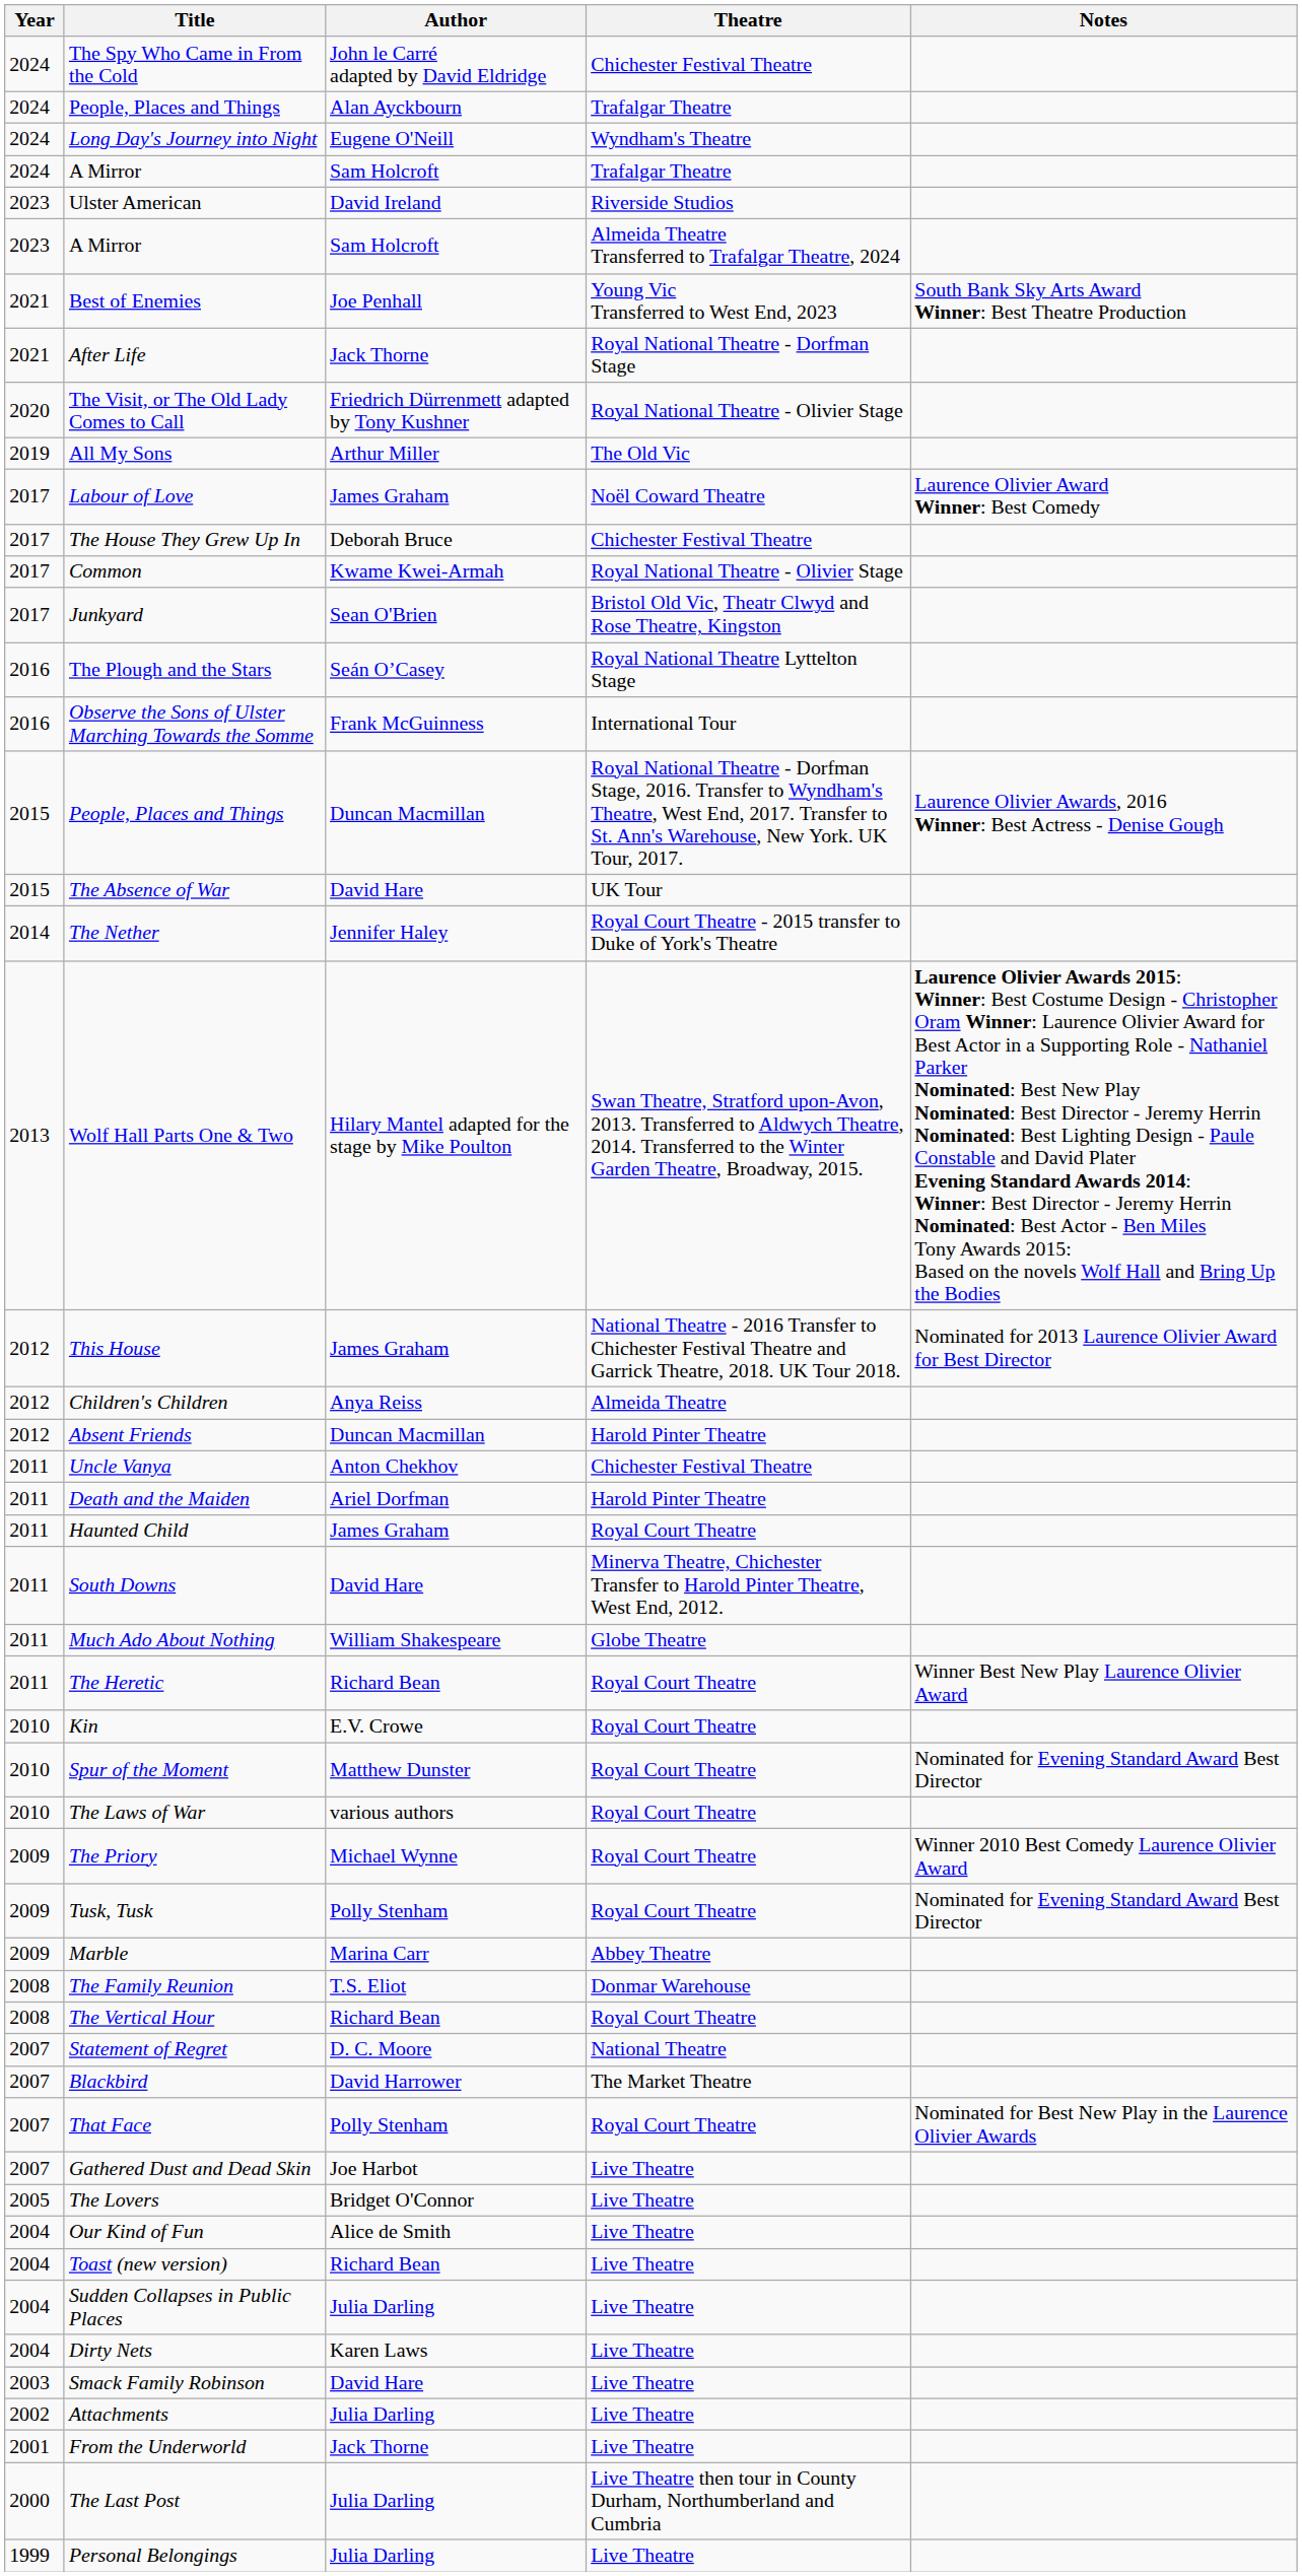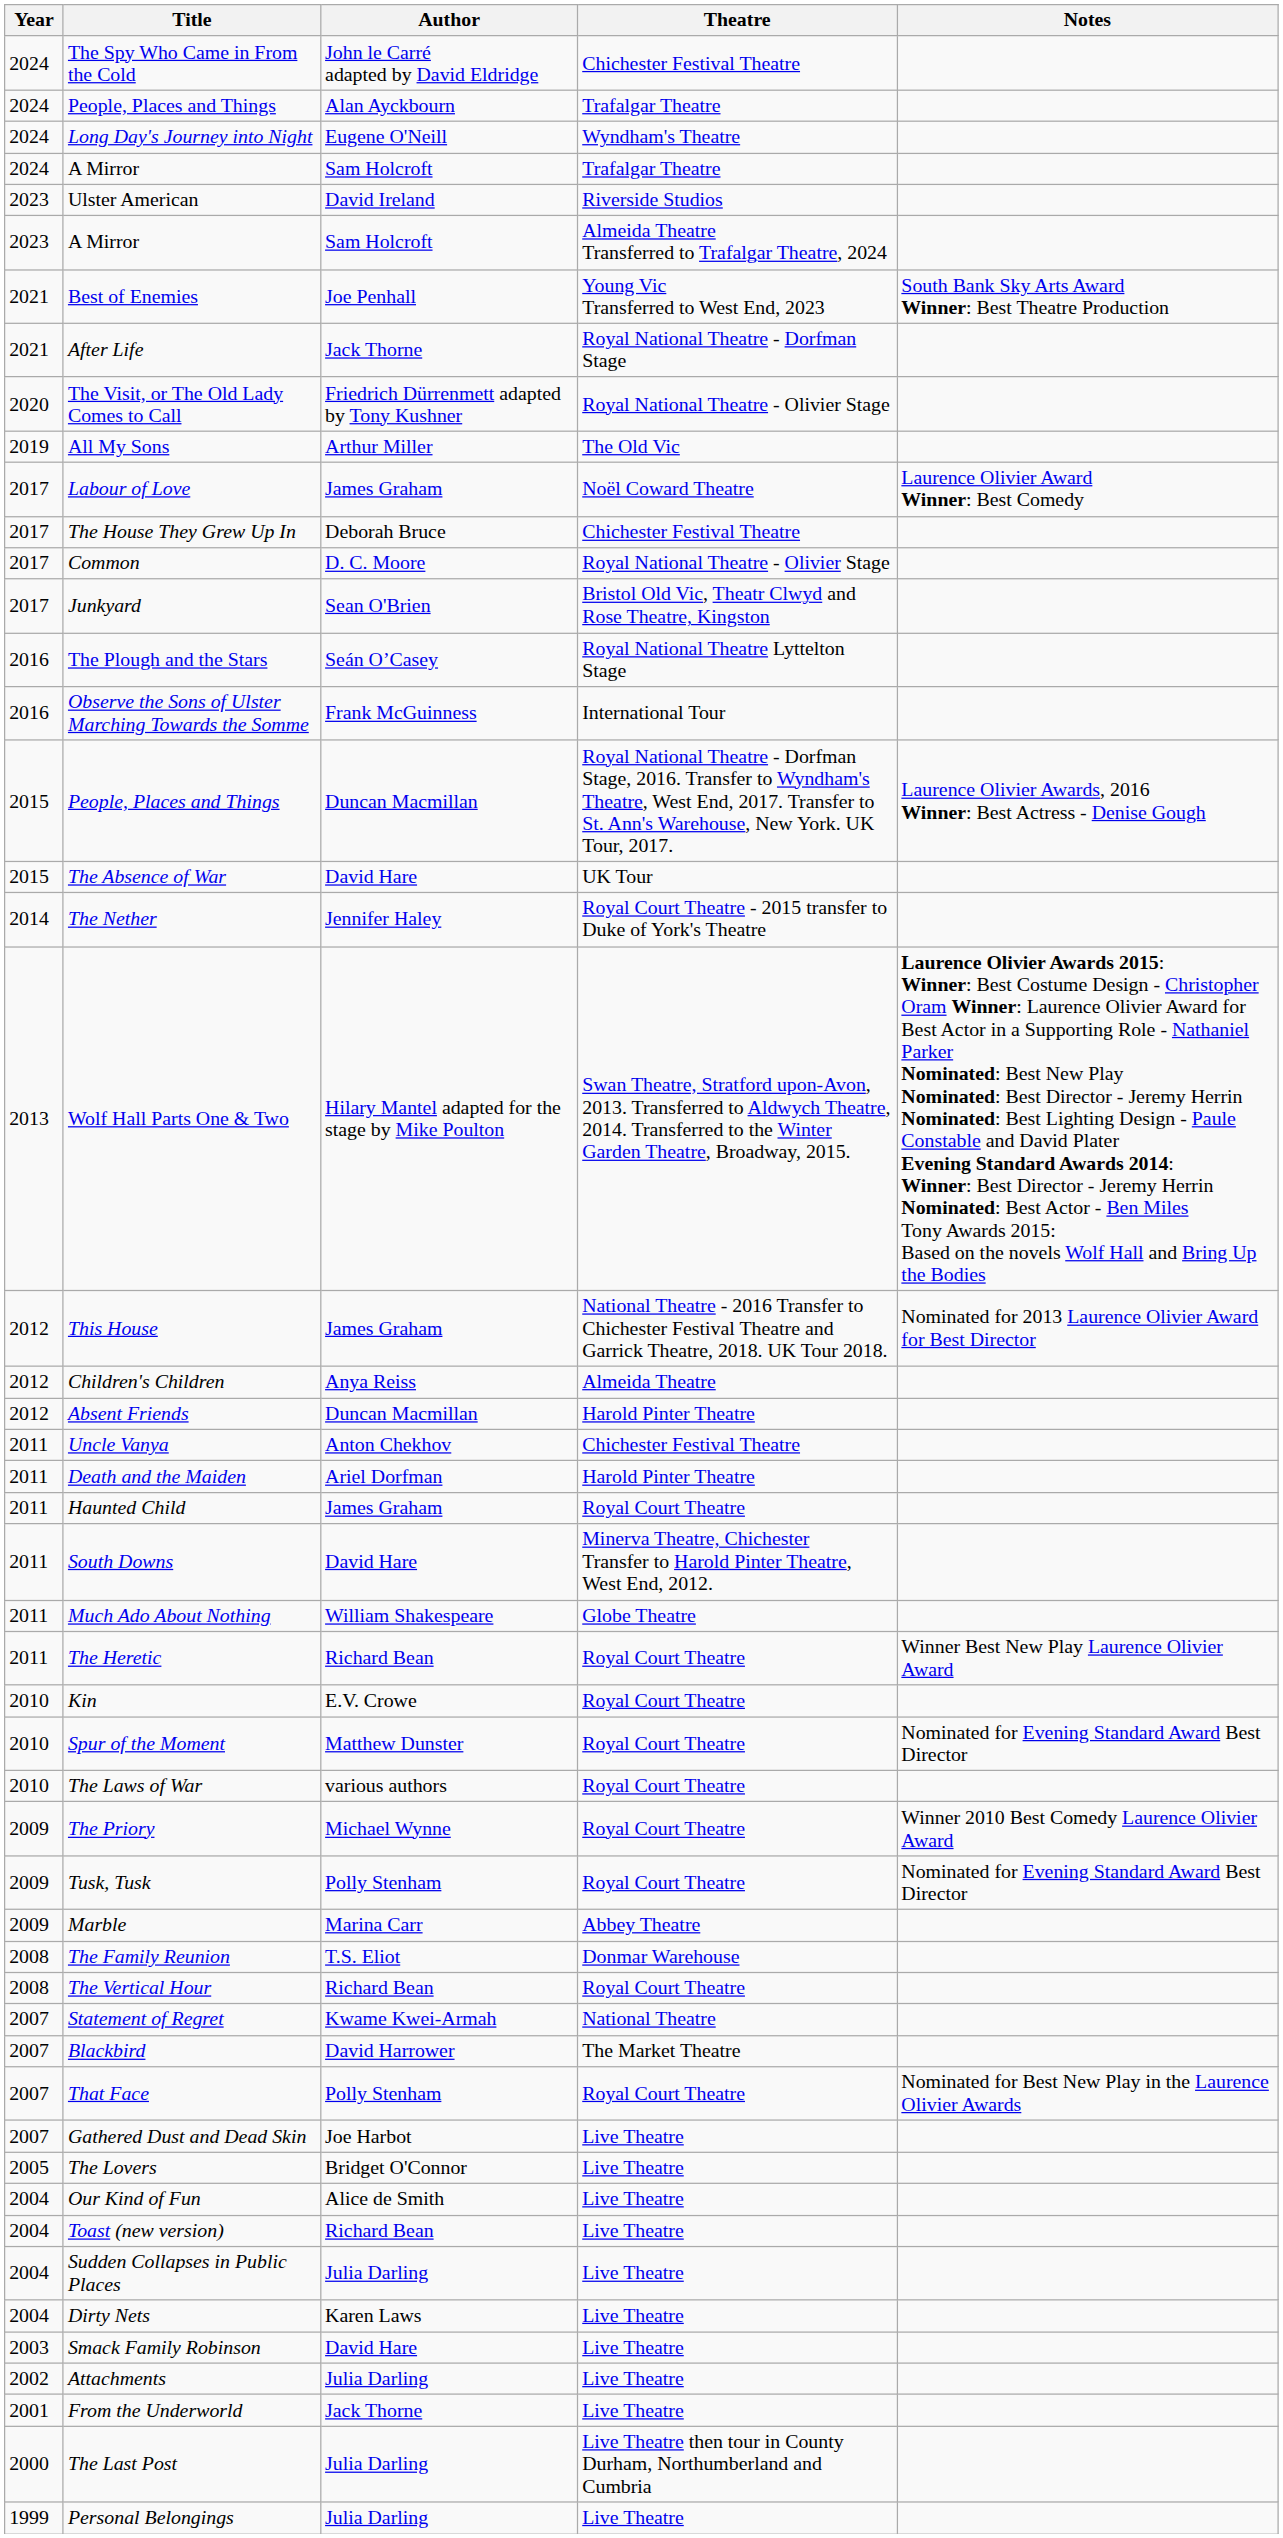 <table class="wikitable sortable">
 <tr>
 <th scope="col" width="40">Year</th>
 <th scope="col" width="200">Title</th>
 <th scope="col" width="200">Author</th>
 <th scope="col" width="250">Theatre</th>
 <th scope="col" width="300">Notes</th>
 </tr>
 <tr>
 <td>2024</td>
 <td><a href='#'>The Spy Who Came in From the Cold</a></td>
 <td><a href='#'>John le Carré</a><br>adapted by <a href='#'>David Eldridge</a></td>
 <td><a href='#'>Chichester Festival Theatre</a></td>
 <td></td>
 </tr>
 <tr>
 <td>2024</td>
 <td><a href='#'>People, Places and Things</a></td>
 <td><a href='#'>Alan Ayckbourn</a></td>
 <td><a href='#'>Trafalgar Theatre</a></td>
 <td></td>
 </tr>
 <tr>
 <td>2024</td>
 <td><em><a href='#'>Long Day's Journey into Night</a></em></td>
 <td><a href='#'>Eugene O'Neill</a></td>
 <td><a href='#'>Wyndham's Theatre</a></td>
 <td></td>
 </tr>
 <tr>
 <td>2024</td>
 <td>A Mirror</td>
 <td><a href='#'>Sam Holcroft</a></td>
 <td><a href='#'>Trafalgar Theatre</a></td>
 <td></td>
 </tr>
 <tr>
 <td>2023</td>
 <td>Ulster American</td>
 <td><a href='#'>David Ireland</a></td>
 <td><a href='#'>Riverside Studios</a></td>
 <td></td>
 </tr>
 <tr>
 <td>2023</td>
 <td>A Mirror</td>
 <td><a href='#'>Sam Holcroft</a></td>
 <td><a href='#'>Almeida Theatre</a><br>Transferred to <a href='#'>Trafalgar Theatre</a>, 2024</td>
 <td></td>
 </tr>
 <tr>
 <td>2021</td>
 <td><a href='#'>Best of Enemies</a></td>
 <td><a href='#'>Joe Penhall</a></td>
 <td><a href='#'>Young Vic</a><br>Transferred to West End, 2023</td>
 <td><a href='#'>South Bank Sky Arts Award</a><br><strong>Winner</strong>: Best Theatre Production </td>
 </tr>
 <tr>
 <td>2021</td>
 <td><em>After Life</em></td>
 <td><a href='#'>Jack Thorne</a></td>
 <td><a href='#'>Royal National Theatre</a> - <a href='#'>Dorfman</a> Stage</td>
 <td></td>
 </tr>
 <tr>
 <td>2020</td>
 <td><a href='#'>The Visit, or The Old Lady Comes to Call</a></td>
 <td><a href='#'>Friedrich Dürrenmett</a> adapted by <a href='#'>Tony Kushner</a></td>
 <td><a href='#'>Royal National Theatre</a> - Olivier Stage</td>
 <td></td>
 </tr>
 <tr>
 <td>2019</td>
 <td><a href='#'>All My Sons</a></td>
 <td><a href='#'>Arthur Miller</a></td>
 <td><a href='#'>The Old Vic</a></td>
 <td></td>
 </tr>
 <tr>
 <td>2017</td>
 <td><em><a href='#'>Labour of Love</a></em></td>
 <td><a href='#'>James Graham</a></td>
 <td><a href='#'>Noël Coward Theatre</a></td>
 <td><a href='#'>Laurence Olivier Award</a><br><strong>Winner</strong>: Best Comedy </td>
 </tr>
 <tr>
 <td>2017</td>
 <td><em>The House They Grew Up In</em></td>
 <td>Deborah Bruce</td>
 <td><a href='#'>Chichester Festival Theatre</a></td>
 <td></td>
 </tr>
 <tr>
 <td>2017</td>
 <td><em>Common</em></td>
-<td><a href='#'>Kwame Kwei-Armah</a></td>
+<td><a href='#'>D. C. Moore</a></td>
 <td><a href='#'>Royal National Theatre</a> - <a href='#'>Olivier</a> Stage</td>
 <td></td>
 </tr>
 <tr>
 <td>2017</td>
 <td><em>Junkyard</em></td>
 <td><a href='#'>Sean O'Brien</a></td>
 <td><a href='#'>Bristol Old Vic</a>, <a href='#'>Theatr Clwyd</a> and <a href='#'>Rose Theatre, Kingston</a></td>
 <td></td>
 </tr>
 <tr>
 <td>2016</td>
 <td><a href='#'>The Plough and the Stars</a></td>
 <td><a href='#'>Seán O’Casey</a></td>
 <td><a href='#'>Royal National Theatre</a> Lyttelton Stage</td>
 <td></td>
 </tr>
 <tr>
 <td>2016</td>
 <td><em><a href='#'>Observe the Sons of Ulster Marching Towards the Somme</a></em></td>
 <td><a href='#'>Frank McGuinness</a></td>
 <td>International Tour</td>
 <td></td>
 </tr>
 <tr>
 <td>2015</td>
 <td><em><a href='#'>People, Places and Things</a></em></td>
 <td><a href='#'>Duncan Macmillan</a></td>
 <td><a href='#'>Royal National Theatre</a> - Dorfman Stage, 2016. Transfer to <a href='#'>Wyndham's Theatre</a>, West End, 2017. Transfer to <a href='#'>St. Ann's Warehouse</a>, New York. UK Tour, 2017.</td>
 <td><a href='#'>Laurence Olivier Awards</a>, 2016<br><strong>Winner</strong>: Best Actress - <a href='#'>Denise Gough</a></td>
 </tr>
 <tr>
 <td>2015</td>
 <td><em><a href='#'>The Absence of War</a></em></td>
 <td><a href='#'>David Hare</a></td>
 <td>UK Tour</td>
 <td></td>
 </tr>
 <tr>
 <td>2014</td>
 <td><em><a href='#'>The Nether</a></em></td>
 <td><a href='#'>Jennifer Haley</a></td>
 <td><a href='#'>Royal Court Theatre</a> - 2015 transfer to Duke of York's Theatre</td>
 <td></td>
 </tr>
 <tr>
 <td>2013</td>
 <td><a href='#'>Wolf Hall Parts One & Two</a></td>
 <td><a href='#'>Hilary Mantel</a> adapted for the stage by <a href='#'>Mike Poulton</a></td>
 <td><a href='#'>Swan Theatre, Stratford upon-Avon</a>, 2013. Transferred to <a href='#'>Aldwych Theatre</a>, 2014. Transferred to the <a href='#'>Winter Garden Theatre</a>, Broadway, 2015.</td>
 <td><strong>Laurence Olivier Awards 2015</strong>:<br><strong>Winner</strong>: Best Costume Design - <a href='#'>Christopher Oram</a> <strong>Winner</strong>: Laurence Olivier Award for Best Actor in a Supporting Role - <a href='#'>Nathaniel Parker</a><br><strong>Nominated</strong>: Best New Play<br><strong>Nominated</strong>: Best Director - Jeremy Herrin<br><strong>Nominated</strong>: Best Lighting Design - <a href='#'>Paule Constable</a> and David Plater<br><strong>Evening Standard Awards 2014</strong>:<br><strong>Winner</strong>: Best Director - Jeremy Herrin<br><strong>Nominated</strong>: Best Actor - <a href='#'>Ben Miles</a><br>Tony Awards 2015:<br>Based on the novels <a href='#'>Wolf Hall</a> and <a href='#'>Bring Up the Bodies</a></td>
 </tr>
 <tr>
 <td>2012</td>
 <td><em><a href='#'>This House</a></em></td>
 <td><a href='#'>James Graham</a></td>
 <td><a href='#'>National Theatre</a> - 2016 Transfer to Chichester Festival Theatre and Garrick Theatre, 2018. UK Tour 2018.</td>
 <td>Nominated for 2013 <a href='#'>Laurence Olivier Award for Best Director</a></td>
 </tr>
 <tr>
 <td>2012</td>
 <td><em>Children's Children</em></td>
 <td><a href='#'>Anya Reiss</a></td>
 <td><a href='#'>Almeida Theatre</a></td>
 <td></td>
 </tr>
 <tr>
 <td>2012</td>
 <td><em><a href='#'>Absent Friends</a></em></td>
 <td><a href='#'>Duncan Macmillan</a></td>
 <td><a href='#'>Harold Pinter Theatre</a></td>
 <td></td>
 </tr>
 <tr>
 <td>2011</td>
 <td><em><a href='#'>Uncle Vanya</a></em></td>
 <td><a href='#'>Anton Chekhov</a></td>
 <td><a href='#'>Chichester Festival Theatre</a></td>
 <td></td>
 </tr>
 <tr>
 <td>2011</td>
 <td><em><a href='#'>Death and the Maiden</a></em></td>
 <td><a href='#'>Ariel Dorfman</a></td>
 <td><a href='#'>Harold Pinter Theatre</a></td>
 <td></td>
 </tr>
 <tr>
 <td>2011</td>
 <td><em>Haunted Child</em></td>
 <td><a href='#'>James Graham</a></td>
 <td><a href='#'>Royal Court Theatre</a></td>
 <td></td>
 </tr>
 <tr>
 <td>2011</td>
 <td><em><a href='#'>South Downs</a></em></td>
 <td><a href='#'>David Hare</a></td>
 <td><a href='#'>Minerva Theatre, Chichester</a><br>Transfer to <a href='#'>Harold Pinter Theatre</a>, West End, 2012.</td>
 <td></td>
 </tr>
 <tr>
 <td>2011</td>
 <td><em><a href='#'>Much Ado About Nothing</a></em></td>
 <td><a href='#'>William Shakespeare</a></td>
 <td><a href='#'>Globe Theatre</a></td>
 <td></td>
 </tr>
 <tr>
 <td>2011</td>
 <td><em><a href='#'>The Heretic</a></em></td>
 <td><a href='#'>Richard Bean</a></td>
 <td><a href='#'>Royal Court Theatre</a></td>
 <td>Winner Best New Play <a href='#'>Laurence Olivier Award</a></td>
 </tr>
 <tr>
 <td>2010</td>
 <td><em>Kin</em></td>
 <td>E.V. Crowe</td>
 <td><a href='#'>Royal Court Theatre</a></td>
 <td></td>
 </tr>
 <tr>
 <td>2010</td>
 <td><em><a href='#'>Spur of the Moment</a></em></td>
 <td><a href='#'>Matthew Dunster</a></td>
 <td><a href='#'>Royal Court Theatre</a></td>
 <td>Nominated for <a href='#'>Evening Standard Award</a> Best Director</td>
 </tr>
 <tr>
 <td>2010</td>
 <td><em>The Laws of War</em></td>
 <td>various authors</td>
 <td><a href='#'>Royal Court Theatre</a></td>
 <td></td>
 </tr>
 <tr>
 <td>2009</td>
 <td><em><a href='#'>The Priory</a></em></td>
 <td><a href='#'>Michael Wynne</a></td>
 <td><a href='#'>Royal Court Theatre</a></td>
 <td>Winner 2010 Best Comedy <a href='#'>Laurence Olivier Award</a></td>
 </tr>
 <tr>
 <td>2009</td>
 <td><em>Tusk, Tusk</em></td>
 <td><a href='#'>Polly Stenham</a></td>
 <td><a href='#'>Royal Court Theatre</a></td>
 <td>Nominated for <a href='#'>Evening Standard Award</a> Best Director</td>
 </tr>
 <tr>
 <td>2009</td>
 <td><em>Marble</em></td>
 <td><a href='#'>Marina Carr</a></td>
 <td><a href='#'>Abbey Theatre</a></td>
 <td></td>
 </tr>
 <tr>
 <td>2008</td>
 <td><em><a href='#'>The Family Reunion</a></em></td>
 <td><a href='#'>T.S. Eliot</a></td>
 <td><a href='#'>Donmar Warehouse</a></td>
 <td></td>
 </tr>
 <tr>
 <td>2008</td>
 <td><em><a href='#'>The Vertical Hour</a></em></td>
 <td><a href='#'>Richard Bean</a></td>
 <td><a href='#'>Royal Court Theatre</a></td>
 <td></td>
 </tr>
 <tr>
 <td>2007</td>
 <td><em><a href='#'>Statement of Regret</a></em></td>
-<td><a href='#'>D. C. Moore</a></td>
+<td><a href='#'>Kwame Kwei-Armah</a></td>
 <td><a href='#'>National Theatre</a></td>
 <td></td>
 </tr>
 <tr>
 <td>2007</td>
 <td><em><a href='#'>Blackbird</a></em></td>
 <td><a href='#'>David Harrower</a></td>
 <td>The Market Theatre</td>
 <td></td>
 </tr>
 <tr>
 <td>2007</td>
 <td><em><a href='#'>That Face</a></em></td>
 <td><a href='#'>Polly Stenham</a></td>
 <td><a href='#'>Royal Court Theatre</a></td>
 <td>Nominated for Best New Play in the <a href='#'>Laurence Olivier Awards</a></td>
 </tr>
 <tr>
 <td>2007</td>
 <td><em>Gathered Dust and Dead Skin</em></td>
 <td>Joe Harbot</td>
 <td><a href='#'>Live Theatre</a></td>
 <td></td>
 </tr>
 <tr>
 <td>2005</td>
 <td><em>The Lovers</em></td>
 <td>Bridget O'Connor</td>
 <td><a href='#'>Live Theatre</a></td>
 <td></td>
 </tr>
 <tr>
 <td>2004</td>
 <td><em>Our Kind of Fun</em></td>
 <td>Alice de Smith</td>
 <td><a href='#'>Live Theatre</a></td>
 <td></td>
 </tr>
 <tr>
 <td>2004</td>
 <td><em><a href='#'>Toast</a> (new version)</em></td>
 <td><a href='#'>Richard Bean</a></td>
 <td><a href='#'>Live Theatre</a></td>
 <td></td>
 </tr>
 <tr>
 <td>2004</td>
 <td><em>Sudden Collapses in Public Places</em></td>
 <td><a href='#'>Julia Darling</a></td>
 <td><a href='#'>Live Theatre</a></td>
 <td></td>
 </tr>
 <tr>
 <td>2004</td>
 <td><em>Dirty Nets</em></td>
 <td>Karen Laws</td>
 <td><a href='#'>Live Theatre</a></td>
 <td></td>
 </tr>
 <tr>
 <td>2003</td>
 <td><em>Smack Family Robinson</em></td>
 <td><a href='#'>David Hare</a></td>
 <td><a href='#'>Live Theatre</a></td>
 <td></td>
 </tr>
 <tr>
 <td>2002</td>
 <td><em>Attachments</em></td>
 <td><a href='#'>Julia Darling</a></td>
 <td><a href='#'>Live Theatre</a></td>
 <td></td>
 </tr>
 <tr>
 <td>2001</td>
 <td><em>From the Underworld</em></td>
 <td><a href='#'>Jack Thorne</a></td>
 <td><a href='#'>Live Theatre</a></td>
 <td></td>
 </tr>
 <tr>
 <td>2000</td>
 <td><em>The Last Post</em></td>
 <td><a href='#'>Julia Darling</a></td>
 <td><a href='#'>Live Theatre</a> then tour in County Durham, Northumberland and Cumbria</td>
 <td></td>
 </tr>
 <tr>
 <td>1999</td>
 <td><em>Personal Belongings</em></td>
 <td><a href='#'>Julia Darling</a></td>
 <td><a href='#'>Live Theatre</a></td>
 <td></td>
 </tr>
 </table>
